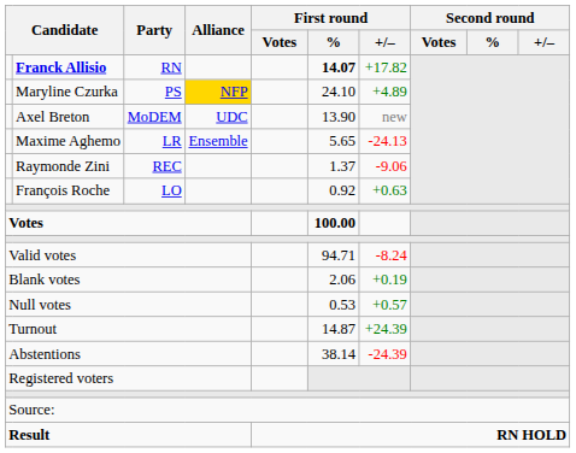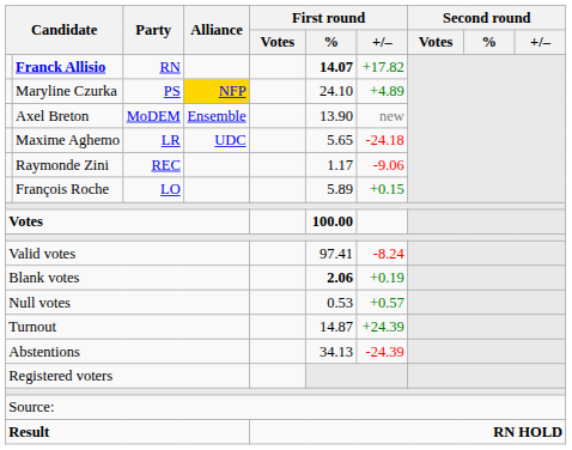 <table class="wikitable" style="text-align:right;font-size:95%;">
 <tr>
 <th rowspan="2" colspan="2">Candidate</th>
 <th colspan="1" rowspan="2">Party</th>
 <th colspan="1" rowspan="2">Alliance</th>
 <th colspan="3">First round</th>
 <th colspan="3">Second round</th>
 </tr>
 <tr>
 <th style="width:50px;">Votes</th>
 <th style="width:45px;">%</th>
 <th style="width:45px;">+/–</th>
 <th style="width:50px;">Votes</th>
 <th style="width:45px;">%</th>
 <th style="width:45px;">+/–</th>
 </tr>
 <tr>
 <td style="color:inherit;background:"></td>
 <td style="text-align:left;"><strong><a href='#'>Franck Allisio</a></strong></td>
 <td><a href='#'>RN</a></td>
 <td></td>
 <td><strong></strong></td>
 <td><strong>14.07</strong></td>
 <td style="color:green;">+17.82</td>
 <td colspan="3" rowspan="6" style="background:#E9E9E9;"></td>
 </tr>
 <tr>
 <td style="color:inherit;background:"></td>
 <td style="text-align:left;">Maryline Czurka</td>
 <td><a href='#'>PS</a></td>
 <td style="background: gold;"><a href='#'>NFP</a></td>
 <td></td>
 <td>24.10</td>
 <td style="color:green;">+4.89</td>
 </tr>
 <tr>
 <td style="color:inherit;background:"></td>
 <td style="text-align:left;">Axel Breton</td>
 <td><a href='#'>MoDEM</a></td>
-<td><a href='#'>UDC</a></td>
+<td><a href='#'>Ensemble</a></td>
 <td></td>
 <td>13.90</td>
 <td style="color:grey;">new</td>
 </tr>
 <tr>
 <td style="color:inherit;background:"></td>
 <td style="text-align:left;">Maxime Aghemo</td>
 <td><a href='#'>LR</a></td>
-<td><a href='#'>Ensemble</a></td>
+<td><a href='#'>UDC</a></td>
 <td></td>
 <td>5.65</td>
-<td style="color:red;">-24.13</td>
+<td style="color:red;">-24.18</td>
 </tr>
 <tr>
 <td style="color:inherit;background:"></td>
 <td style="text-align:left;">Raymonde Zini</td>
 <td><a href='#'>REC</a></td>
 <td></td>
 <td></td>
-<td>1.37</td>
+<td>1.17</td>
 <td style="color:red;">-9.06</td>
 </tr>
 <tr>
 <td style="color:inherit;background:"></td>
 <td style="text-align:left;">François Roche</td>
 <td><a href='#'>LO</a></td>
 <td></td>
 <td></td>
-<td>0.92</td>
-<td style="color:green;">+0.63</td>
+<td>5.89</td>
+<td style="color:green;">+0.15</td>
 </tr>
 <tr>
 <td colspan="10" style="background:#E9E9E9;"></td>
 </tr>
 <tr style="font-weight:bold;">
 <td colspan="4" style="text-align:left;">Votes</td>
 <td></td>
 <td>100.00</td>
 <td></td>
 <td colspan="3" rowspan="1" style="background:#E9E9E9;"></td>
 </tr>
 <tr>
 <td colspan="10" style="background:#E9E9E9;"></td>
 </tr>
 <tr>
 <td colspan="4" style="text-align:left;">Valid votes</td>
 <td></td>
-<td>94.71</td>
+<td>97.41</td>
 <td style="color:red;">-8.24</td>
 <td colspan="3" rowspan="1" style="background:#E9E9E9;"></td>
 </tr>
 <tr>
 <td colspan="4" style="text-align:left;">Blank votes</td>
 <td></td>
-<td>2.06</td>
+<td><strong>2.06</strong></td>
 <td style="color:green;">+0.19</td>
 <td colspan="3" rowspan="1" style="background:#E9E9E9;"></td>
 </tr>
 <tr>
 <td colspan="4" style="text-align:left;">Null votes</td>
 <td></td>
 <td>0.53</td>
 <td style="color:green;">+0.57</td>
 <td colspan="3" rowspan="1" style="background:#E9E9E9;"></td>
 </tr>
 <tr>
 <td colspan="4" style="text-align:left;">Turnout</td>
 <td></td>
 <td>14.87</td>
 <td style="color:green;">+24.39</td>
 <td colspan="3" rowspan="1" style="background:#E9E9E9;"></td>
 </tr>
 <tr>
 <td colspan="4" style="text-align:left;">Abstentions</td>
 <td></td>
-<td>38.14</td>
+<td>34.13</td>
 <td style="color:red;">-24.39</td>
 <td colspan="3" rowspan="1" style="background:#E9E9E9;"></td>
 </tr>
 <tr>
 <td colspan="4" style="text-align:left;">Registered voters</td>
 <td></td>
 <td colspan="2" style="background:#E9E9E9;"></td>
 <td colspan="3" rowspan="1" style="background:#E9E9E9;"></td>
 </tr>
 <tr>
 <td colspan="10" style="background:#E9E9E9;"></td>
 </tr>
 <tr>
 <td colspan="10" style="text-align:left;">Source: </td>
 </tr>
 <tr style="font-weight:bold">
 <td colspan="4" style="text-align:left;">Result</td>
 <td colspan="6" style="background-color:">RN HOLD</td>
 </tr>
 </table>
